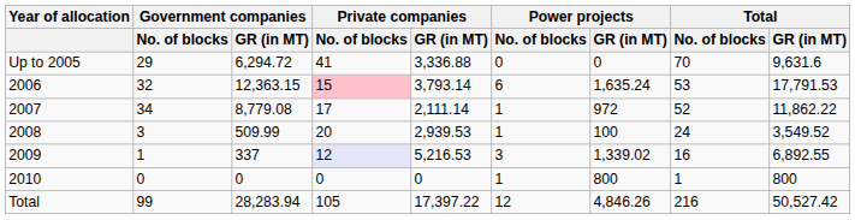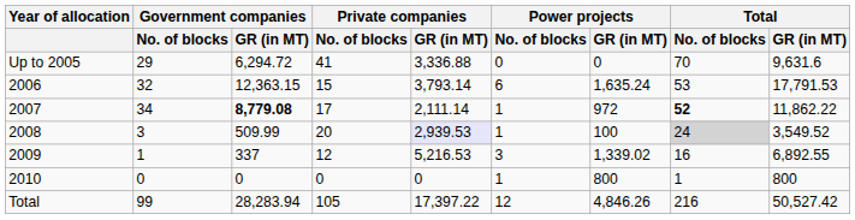 <table class="wikitable">
 <tr>
 <th>Year of allocation</th>
 <th colspan="2" style="text-align: center;"><strong>Government companies</strong></th>
 <th colspan="2" style="text-align: center;"><strong>Private companies</strong></th>
 <th colspan="2" style="text-align: center;"><strong>Power projects</strong></th>
 <th colspan="2" style="text-align: center;"><strong>Total</strong></th>
 </tr>
 <tr>
 <th></th>
 <th>No. of blocks</th>
 <th>GR (in MT)</th>
 <th>No. of blocks</th>
 <th>GR (in MT)</th>
 <th>No. of blocks</th>
 <th>GR (in MT)</th>
 <th>No. of blocks</th>
 <th>GR (in MT)</th>
 </tr>
 <tr>
 <td>Up to 2005</td>
 <td>29</td>
 <td>6,294.72</td>
 <td>41</td>
 <td>3,336.88</td>
 <td>0</td>
 <td>0</td>
 <td>70</td>
 <td>9,631.6</td>
 </tr>
 <tr>
 <td>2006</td>
 <td>32</td>
 <td>12,363.15</td>
-<td style="background: pink;">15</td>
+<td>15</td>
 <td>3,793.14</td>
 <td>6</td>
 <td>1,635.24</td>
 <td>53</td>
 <td>17,791.53</td>
 </tr>
 <tr>
 <td>2007</td>
 <td>34</td>
-<td>8,779.08</td>
+<td><strong>8,779.08</strong></td>
 <td>17</td>
 <td>2,111.14</td>
 <td>1</td>
 <td>972</td>
-<td>52</td>
+<td><strong>52</strong></td>
 <td>11,862.22</td>
 </tr>
 <tr>
 <td>2008</td>
 <td>3</td>
 <td>509.99</td>
 <td>20</td>
-<td>2,939.53</td>
+<td style="background: lavender;">2,939.53</td>
 <td>1</td>
 <td>100</td>
-<td>24</td>
+<td style="background: lightgrey;">24</td>
 <td>3,549.52</td>
 </tr>
 <tr>
 <td>2009</td>
 <td>1</td>
 <td>337</td>
-<td style="background: lavender;">12</td>
+<td>12</td>
 <td>5,216.53</td>
 <td>3</td>
 <td>1,339.02</td>
 <td>16</td>
 <td>6,892.55</td>
 </tr>
 <tr>
 <td>2010</td>
 <td>0</td>
 <td>0</td>
 <td>0</td>
 <td>0</td>
 <td>1</td>
 <td>800</td>
 <td>1</td>
 <td>800</td>
 </tr>
 <tr>
 <td>Total</td>
 <td>99</td>
 <td>28,283.94</td>
 <td>105</td>
 <td>17,397.22</td>
 <td>12</td>
 <td>4,846.26</td>
 <td>216</td>
 <td>50,527.42</td>
 </tr>
 </table>
